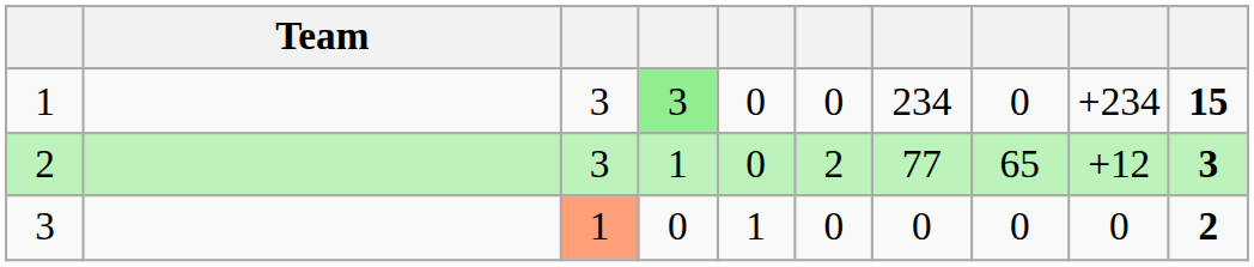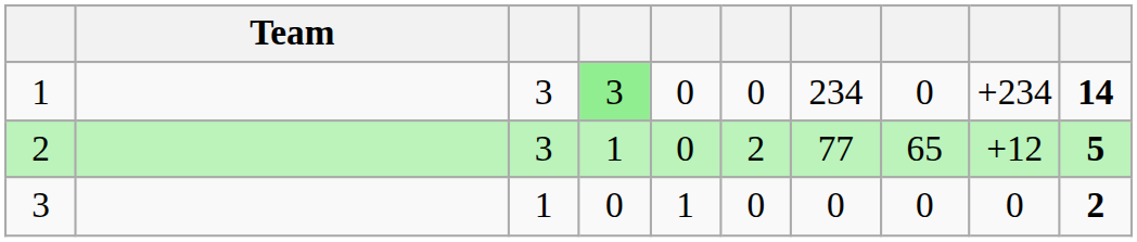 <table class="wikitable" style="text-align:center;">
 <tr>
 <th style="width:1.5em;"></th>
 <th style="width:11.5em">Team</th>
 <th style="width:1.5em;"></th>
 <th style="width:1.5em;"></th>
 <th style="width:1.5em;"></th>
 <th style="width:1.5em;"></th>
 <th style="width:2.0em;"></th>
 <th style="width:2.0em;"></th>
 <th style="width:2.0em;"></th>
 <th style="width:1.5em;"></th>
 </tr>
 <tr>
 <td>1</td>
 <td align="left"></td>
 <td>3</td>
 <td style="background: lightgreen;">3</td>
 <td>0</td>
 <td>0</td>
 <td>234</td>
 <td>0</td>
 <td>+234</td>
-<td><strong>15</strong></td>
+<td><strong>14</strong></td>
 </tr>
 <tr style="background:#bbf3bb;">
 <td>2</td>
 <td align="left"></td>
 <td>3</td>
 <td>1</td>
 <td>0</td>
 <td>2</td>
 <td>77</td>
 <td>65</td>
 <td>+12</td>
-<td><strong>3</strong></td>
+<td><strong>5</strong></td>
 </tr>
 <tr>
 <td>3</td>
 <td align="left"></td>
-<td style="background: lightsalmon;">1</td>
+<td>1</td>
 <td>0</td>
 <td>1</td>
 <td>0</td>
 <td>0</td>
 <td>0</td>
 <td>0</td>
 <td><strong>2</strong></td>
 </tr>
 </table>
